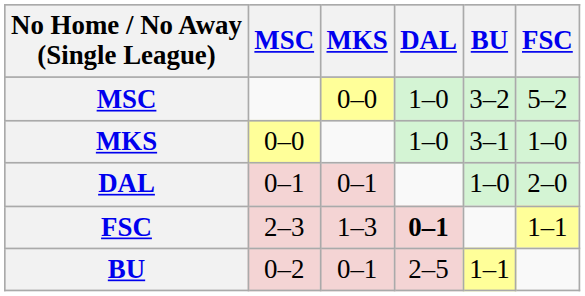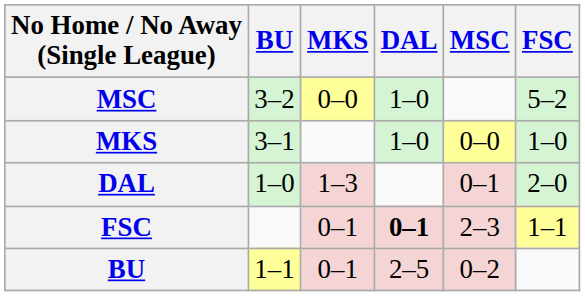 <table class="wikitable" style="text-align:center">
 <tr>
 <th>No Home / No Away <br> (Single League)</th>
-<th><a href='#'>MSC</a></th>
+<th><a href='#'>BU</a></th>
 <th><a href='#'>MKS</a></th>
 <th><a href='#'>DAL</a></th>
-<th><a href='#'>BU</a></th>
+<th><a href='#'>MSC</a></th>
 <th><a href='#'>FSC</a></th>
 </tr>
 <tr>
 <th><a href='#'>MSC</a></th>
-<td></td>
+<td style="background-color:#d4f4d4">3–2</td>
 <td style="background-color:#ffff99">0–0</td>
 <td style="background-color:#d4f4d4">1–0</td>
-<td style="background-color:#d4f4d4">3–2</td>
+<td></td>
 <td style="background-color:#d4f4d4">5–2</td>
 </tr>
 <tr>
 <th><a href='#'>MKS</a></th>
-<td style="background-color:#ffff99">0–0</td>
+<td style="background-color:#d4f4d4">3–1</td>
 <td></td>
 <td style="background-color:#d4f4d4">1–0</td>
-<td style="background-color:#d4f4d4">3–1</td>
+<td style="background-color:#ffff99">0–0</td>
 <td style="background-color:#d4f4d4">1–0</td>
 </tr>
 <tr>
 <th><a href='#'>DAL</a></th>
+<td style="background-color:#d4f4d4">1–0</td>
+<td style="background-color:#f4d4d4">1–3</td>
+<td></td>
 <td style="background-color:#f4d4d4">0–1</td>
-<td style="background-color:#f4d4d4">0–1</td>
-<td></td>
-<td style="background-color:#d4f4d4">1–0</td>
 <td style="background-color:#d4f4d4">2–0</td>
 </tr>
 <tr>
 <th><a href='#'>FSC</a></th>
+<td></td>
+<td style="background-color:#f4d4d4">0–1</td>
+<td style="background-color:#f4d4d4"><strong>0–1</strong></td>
 <td style="background-color:#f4d4d4">2–3</td>
-<td style="background-color:#f4d4d4">1–3</td>
-<td style="background-color:#f4d4d4"><strong>0–1</strong></td>
-<td></td>
 <td style="background-color:#ffff99">1–1</td>
 </tr>
 <tr>
 <th><a href='#'>BU</a></th>
-<td style="background-color:#f4d4d4">0–2</td>
+<td style="background-color:#ffff99">1–1</td>
 <td style="background-color:#f4d4d4">0–1</td>
 <td style="background-color:#f4d4d4">2–5</td>
-<td style="background-color:#ffff99">1–1</td>
+<td style="background-color:#f4d4d4">0–2</td>
 <td></td>
 </tr>
 </table>
